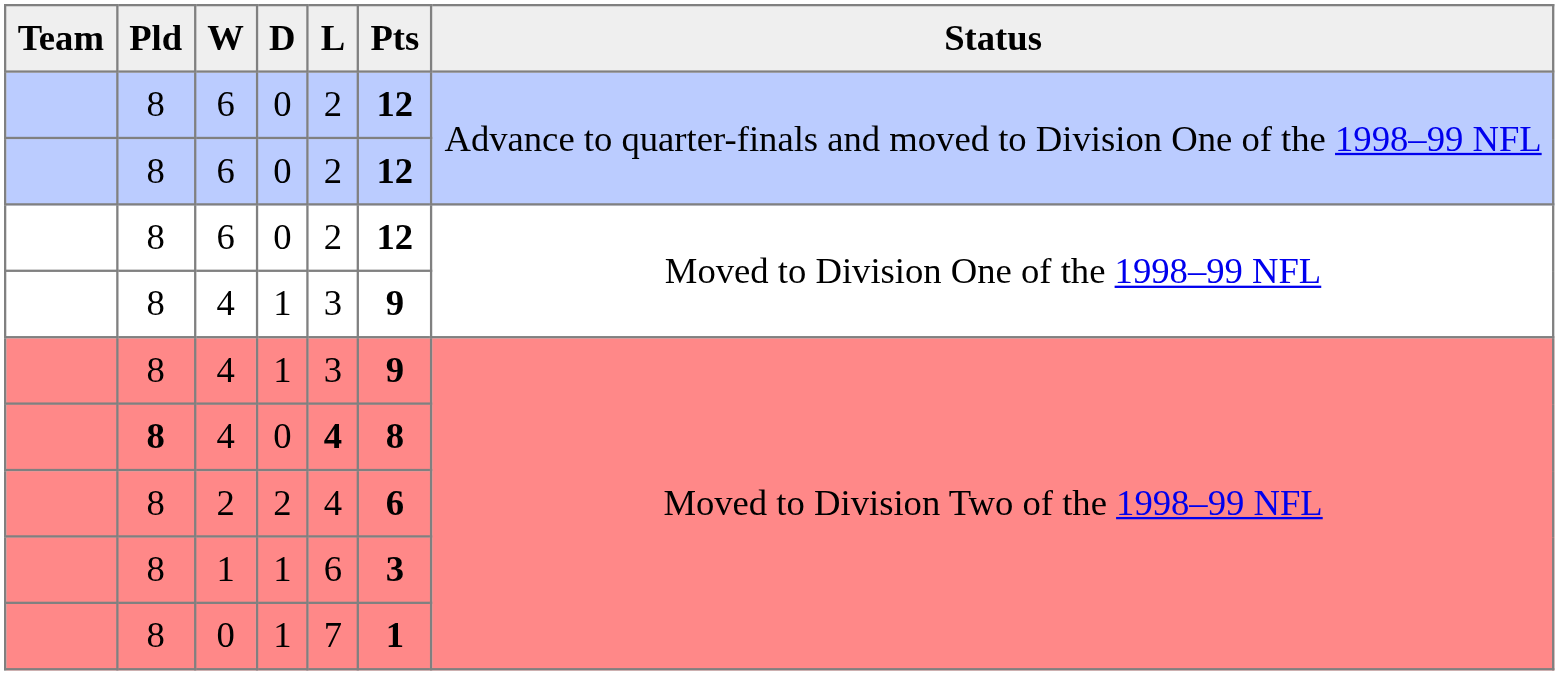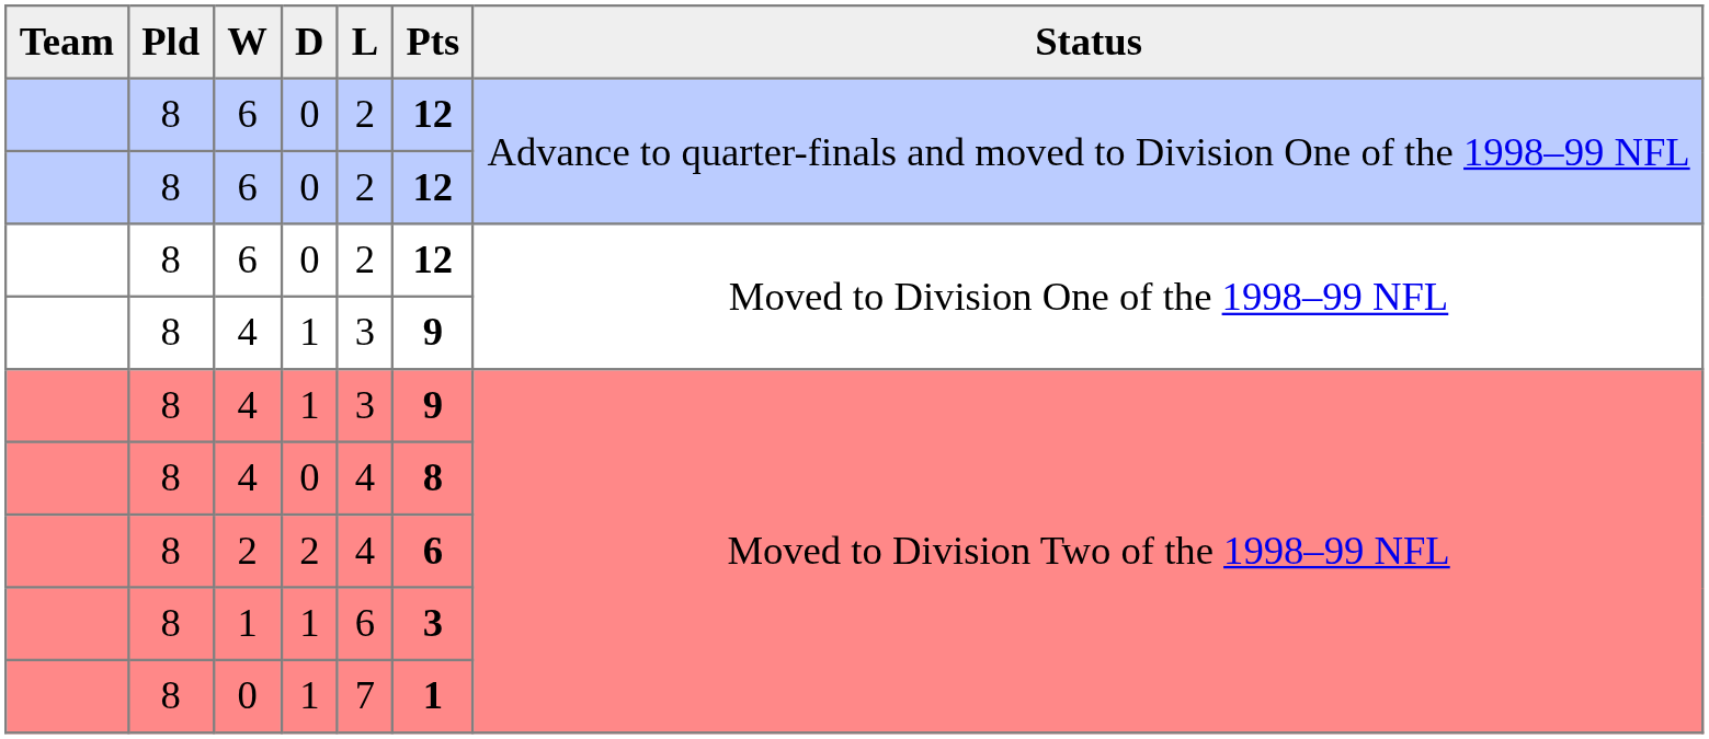 <table style=border-collapse:collapse border=1 cellspacing=0 cellpadding=5>
 <tr align=center bgcolor=#efefef>
 <th>Team</th>
 <th>Pld</th>
 <th>W</th>
 <th>D</th>
 <th>L</th>
 <th>Pts</th>
 <th>Status</th>
 </tr>
 <tr align=center style="background:#bbccff;">
 <td style="text-align:left;"> </td>
 <td>8</td>
 <td>6</td>
 <td>0</td>
 <td>2</td>
 <td><strong>12</strong></td>
 <td rowspan=2>Advance to quarter-finals and moved to Division One of the <a href='#'>1998–99 NFL</a></td>
 </tr>
 <tr align=center style="background:#bbccff;">
 <td style="text-align:left;"> </td>
 <td>8</td>
 <td>6</td>
 <td>0</td>
 <td>2</td>
 <td><strong>12</strong></td>
 </tr>
 <tr align=center style="background:#FFFFFF;">
 <td style="text-align:left;"> </td>
 <td>8</td>
 <td>6</td>
 <td>0</td>
 <td>2</td>
 <td><strong>12</strong></td>
 <td rowspan=2>Moved to Division One of the <a href='#'>1998–99 NFL</a></td>
 </tr>
 <tr align=center style="background:#FFFFFF;">
 <td style="text-align:left;"> </td>
 <td>8</td>
 <td>4</td>
 <td>1</td>
 <td>3</td>
 <td><strong>9</strong></td>
 </tr>
 <tr align=center style="background:#FF8888;">
 <td style="text-align:left;"> </td>
 <td>8</td>
 <td>4</td>
 <td>1</td>
 <td>3</td>
 <td><strong>9</strong></td>
 <td rowspan=5>Moved to Division Two of the <a href='#'>1998–99 NFL</a></td>
 </tr>
 <tr align=center style="background:#FF8888;">
 <td style="text-align:left;"> </td>
-<td><strong>8</strong></td>
+<td>8</td>
 <td>4</td>
 <td>0</td>
-<td><strong>4</strong></td>
+<td>4</td>
 <td><strong>8</strong></td>
 </tr>
 <tr align=center style="background:#FF8888;">
 <td style="text-align:left;"> </td>
 <td>8</td>
 <td>2</td>
 <td>2</td>
 <td>4</td>
 <td><strong>6</strong></td>
 </tr>
 <tr align=center style="background:#FF8888;">
 <td style="text-align:left;"> </td>
 <td>8</td>
 <td>1</td>
 <td>1</td>
 <td>6</td>
 <td><strong>3</strong></td>
 </tr>
 <tr align=center style="background:#FF8888;">
 <td style="text-align:left;"> </td>
 <td>8</td>
 <td>0</td>
 <td>1</td>
 <td>7</td>
 <td><strong>1</strong></td>
 </tr>
 </table>
